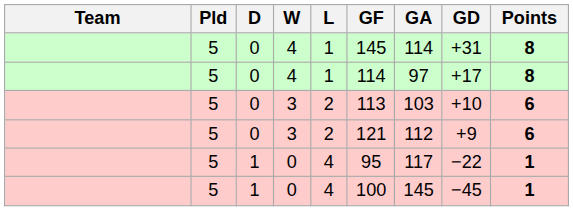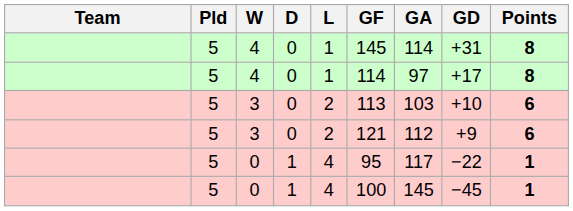 <table class=wikitable style="text-align:center" width="500">
 <tr>
 <th width=25%>Team</th>
 <th width=5%>Pld</th>
+<th width=5%>W</th>
 <th width=5%>D</th>
-<th width=5%>W</th>
 <th width=5%>L</th>
 <th width=5%>GF</th>
 <th width=5%>GA</th>
 <th width=5%>GD</th>
 <th width=8%>Points</th>
 </tr>
 <tr bgcolor="#ccffcc">
 <td align="left"></td>
 <td>5</td>
+<td>4</td>
 <td>0</td>
-<td>4</td>
 <td>1</td>
 <td>145</td>
 <td>114</td>
 <td>+31</td>
 <td><strong>8</strong></td>
 </tr>
 <tr bgcolor="#ccffcc">
 <td align="left"></td>
 <td>5</td>
+<td>4</td>
 <td>0</td>
-<td>4</td>
 <td>1</td>
 <td>114</td>
 <td>97</td>
 <td>+17</td>
 <td><strong>8</strong></td>
 </tr>
 <tr bgcolor="#ffcccc">
 <td align="left"></td>
 <td>5</td>
+<td>3</td>
 <td>0</td>
-<td>3</td>
 <td>2</td>
 <td>113</td>
 <td>103</td>
 <td>+10</td>
 <td><strong>6</strong></td>
 </tr>
 <tr bgcolor="#ffcccc">
 <td align="left"></td>
 <td>5</td>
+<td>3</td>
 <td>0</td>
-<td>3</td>
 <td>2</td>
 <td>121</td>
 <td>112</td>
 <td>+9</td>
 <td><strong>6</strong></td>
 </tr>
 <tr bgcolor="ffcccc">
 <td align="left"></td>
 <td>5</td>
+<td>0</td>
 <td>1</td>
-<td>0</td>
 <td>4</td>
 <td>95</td>
 <td>117</td>
 <td>−22</td>
 <td><strong>1</strong></td>
 </tr>
 <tr bgcolor="ffcccc">
 <td align="left"></td>
 <td>5</td>
+<td>0</td>
 <td>1</td>
-<td>0</td>
 <td>4</td>
 <td>100</td>
 <td>145</td>
 <td>−45</td>
 <td><strong>1</strong></td>
 </tr>
 </table>
